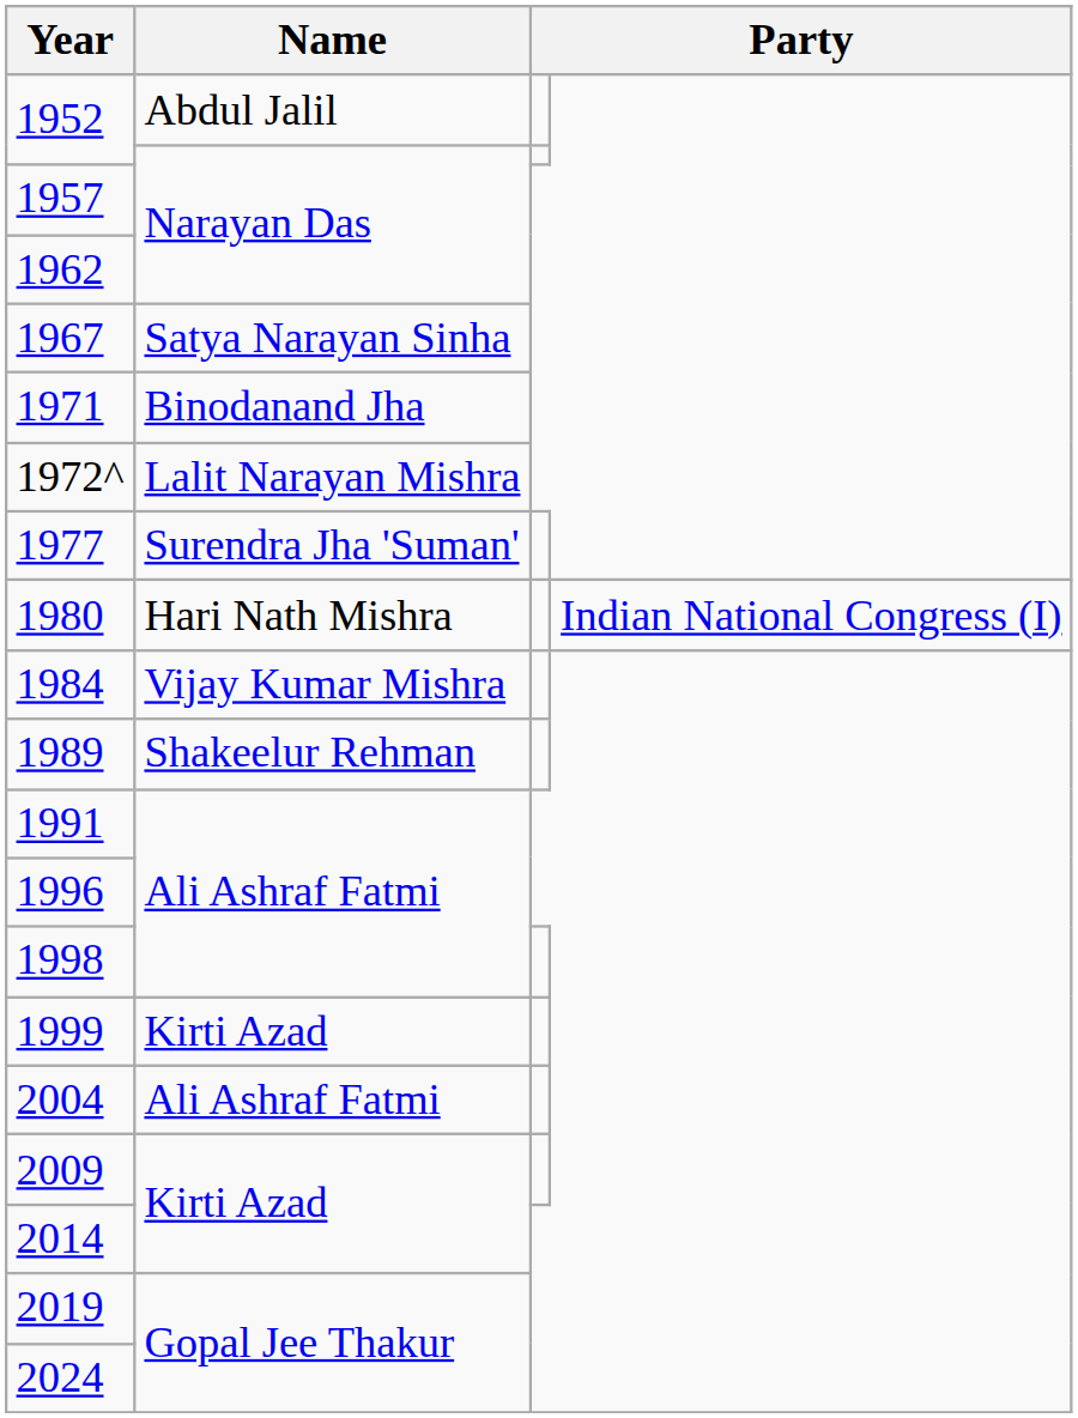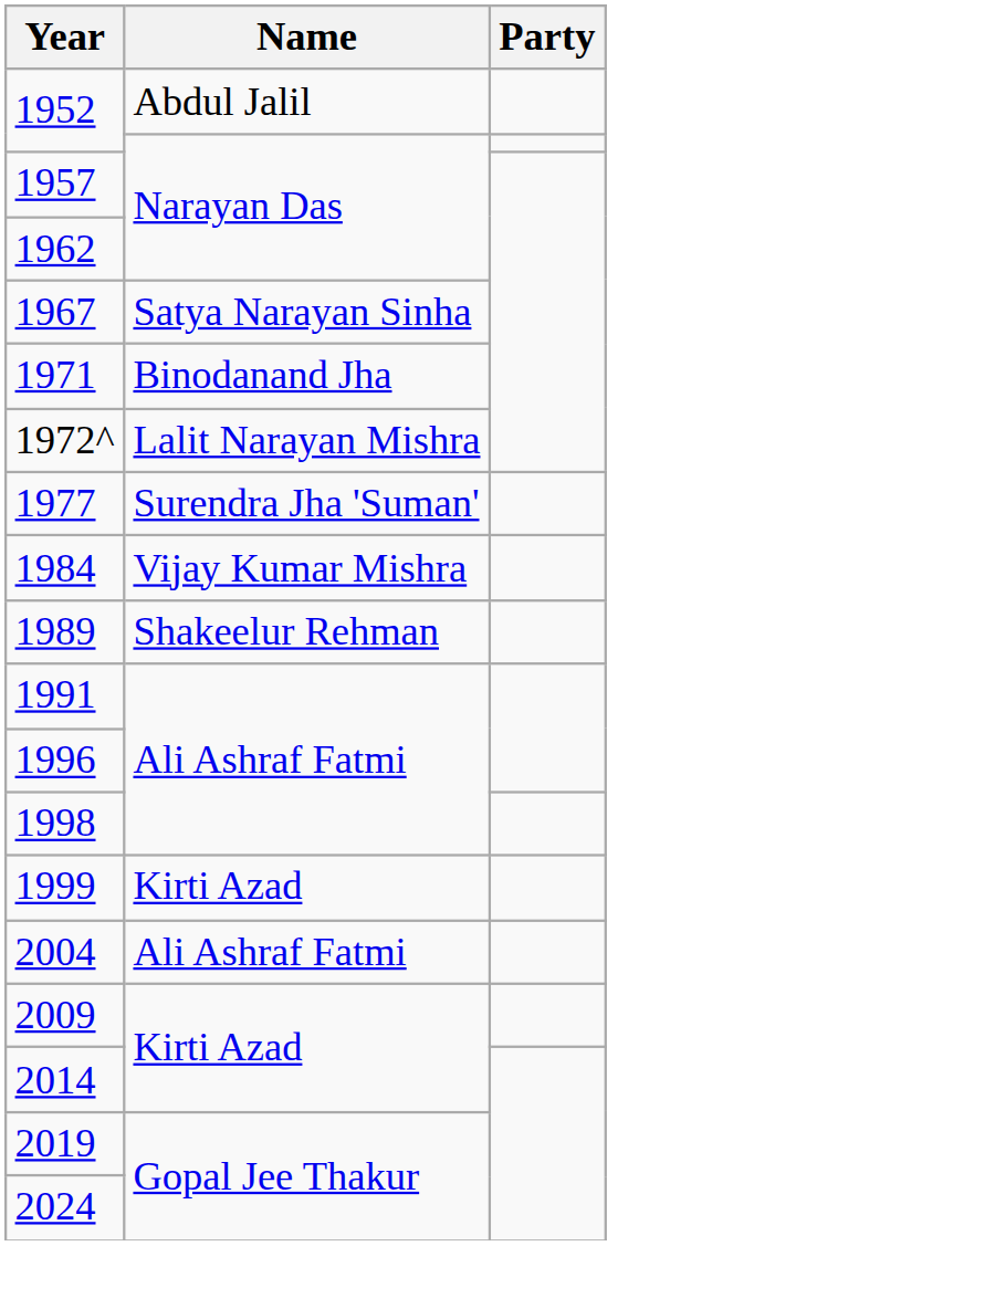 <table class="wikitable">
 <tr>
 <th>Year</th>
 <th>Name</th>
 <th colspan="2">Party</th>
 </tr>
 <tr>
 <td rowspan="2"><a href='#'>1952</a></td>
 <td>Abdul Jalil</td>
 <td></td>
 </tr>
 <tr>
 <td rowspan="3"><a href='#'>Narayan Das</a></td>
 <td></td>
 </tr>
 <tr>
 <td><a href='#'>1957</a></td>
 </tr>
 <tr>
 <td><a href='#'>1962</a></td>
 </tr>
 <tr>
 <td><a href='#'>1967</a></td>
 <td><a href='#'>Satya Narayan Sinha</a></td>
 </tr>
 <tr>
 <td><a href='#'>1971</a></td>
 <td><a href='#'>Binodanand Jha</a></td>
 </tr>
 <tr>
 <td>1972^</td>
 <td><a href='#'>Lalit Narayan Mishra</a></td>
 </tr>
 <tr>
 <td><a href='#'>1977</a></td>
 <td><a href='#'>Surendra Jha 'Suman'</a></td>
 <td></td>
-</tr>
-<tr>
-<td><a href='#'>1980</a></td>
-<td>Hari Nath Mishra</td>
-<td style="background-color :"></td>
-<td><a href='#'>Indian National Congress (I)</a></td>
 </tr>
 <tr>
 <td><a href='#'>1984</a></td>
 <td><a href='#'>Vijay Kumar Mishra</a></td>
 <td></td>
 </tr>
 <tr>
 <td><a href='#'>1989</a></td>
 <td><a href='#'>Shakeelur Rehman</a></td>
 <td></td>
 </tr>
 <tr>
 <td><a href='#'>1991</a></td>
 <td rowspan="3"><a href='#'>Ali Ashraf Fatmi</a></td>
 </tr>
 <tr>
 <td><a href='#'>1996</a></td>
 </tr>
 <tr>
 <td><a href='#'>1998</a></td>
 <td></td>
 </tr>
 <tr>
 <td><a href='#'>1999</a></td>
 <td><a href='#'>Kirti Azad</a></td>
 <td></td>
 </tr>
 <tr>
 <td><a href='#'>2004</a></td>
 <td><a href='#'>Ali Ashraf Fatmi</a></td>
 <td></td>
 </tr>
 <tr>
 <td><a href='#'>2009</a></td>
 <td rowspan="2"><a href='#'>Kirti Azad</a></td>
 <td></td>
 </tr>
 <tr>
 <td><a href='#'>2014</a></td>
 </tr>
 <tr>
 <td><a href='#'>2019</a></td>
 <td rowspan="2"><a href='#'>Gopal Jee Thakur</a></td>
 </tr>
 <tr>
 <td><a href='#'>2024</a></td>
 </tr>
 </table>
